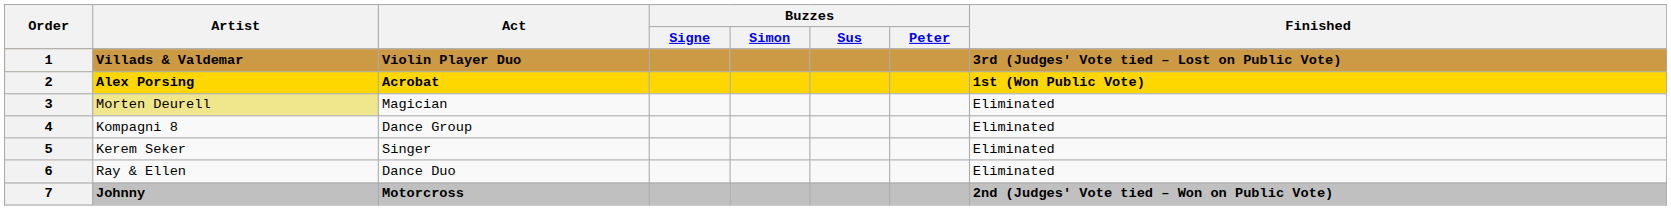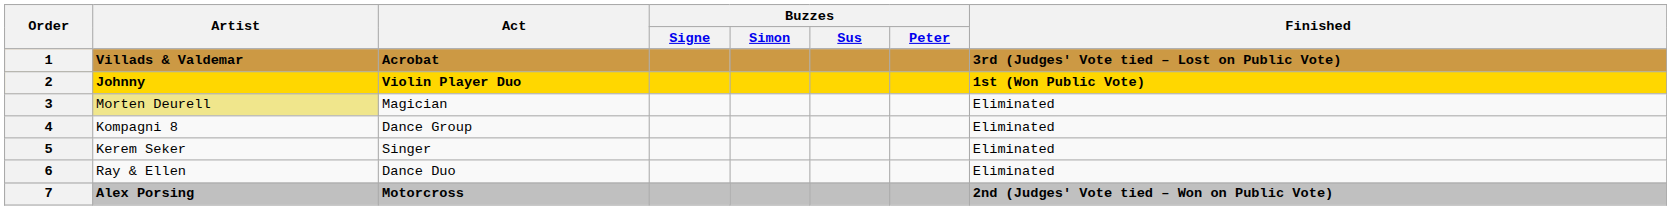 <table class="wikitable sortable" width="100%">
 <tr>
 <th rowspan="2">Order</th>
 <th rowspan="2" class="unsortable">Artist</th>
 <th rowspan="2" class="unsortable">Act</th>
 <th colspan="4" class="unsortable">Buzzes</th>
 <th rowspan="2">Finished</th>
 </tr>
 <tr>
 <th width="70"><a href='#'>Signe</a></th>
 <th width="70"><a href='#'>Simon</a></th>
 <th width="70"><a href='#'>Sus</a></th>
 <th width="70"><a href='#'>Peter</a></th>
 </tr>
 <tr style="background:#c94;">
 <th>1</th>
 <td><strong>Villads & Valdemar</strong></td>
-<td><strong>Violin Player Duo</strong></td>
+<td><strong>Acrobat</strong></td>
 <td></td>
 <td></td>
 <td align="center"></td>
 <td align="center"></td>
 <td><strong>3rd (Judges' Vote tied – Lost on Public Vote)</strong></td>
 </tr>
 <tr style="background:gold;">
 <th>2</th>
-<td><strong>Alex Porsing</strong></td>
-<td><strong>Acrobat</strong></td>
+<td><strong>Johnny</strong> </td>
+<td><strong>Violin Player Duo</strong></td>
 <td></td>
 <td></td>
 <td></td>
 <td></td>
 <td><strong>1st (Won Public Vote)</strong></td>
 </tr>
 <tr>
 <th>3</th>
 <td style="background: khaki;">Morten Deurell</td>
 <td>Magician</td>
 <td align="center"></td>
 <td></td>
 <td></td>
 <td></td>
 <td>Eliminated</td>
 </tr>
 <tr>
 <th>4</th>
 <td>Kompagni 8</td>
 <td>Dance Group</td>
 <td></td>
 <td></td>
 <td></td>
 <td align="center"></td>
 <td>Eliminated</td>
 </tr>
 <tr>
 <th>5</th>
 <td>Kerem Seker</td>
 <td>Singer</td>
 <td></td>
 <td></td>
 <td></td>
 <td></td>
 <td>Eliminated</td>
 </tr>
 <tr>
 <th>6</th>
 <td>Ray & Ellen</td>
 <td>Dance Duo</td>
 <td align="center"></td>
 <td></td>
 <td align="center"></td>
 <td></td>
 <td>Eliminated</td>
 </tr>
 <tr style="background:silver;">
 <th>7</th>
-<td><strong>Johnny</strong> </td>
+<td><strong>Alex Porsing</strong></td>
 <td><strong>Motorcross</strong></td>
 <td align="center"></td>
 <td align="center"></td>
 <td></td>
 <td></td>
 <td><strong>2nd (Judges' Vote tied – Won on Public Vote)</strong></td>
 </tr>
 </table>
